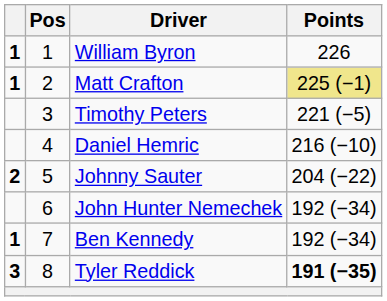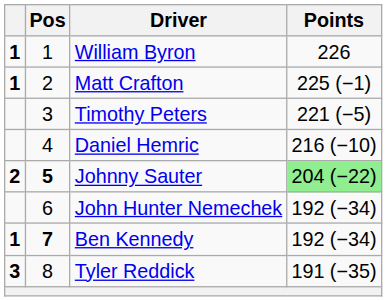 <table class="wikitable" style="font-size: 95%;">
 <tr>
 <th></th>
 <th>Pos</th>
 <th>Driver</th>
 <th>Points</th>
 </tr>
 <tr>
 <td align="left"> <strong>1</strong></td>
 <td style="text-align:center;">1</td>
 <td><a href='#'>William Byron</a></td>
 <td style="text-align:center;">226</td>
 </tr>
 <tr>
 <td align="left"> <strong>1</strong></td>
 <td style="text-align:center;">2</td>
 <td><a href='#'>Matt Crafton</a></td>
-<td style="background: khaki; text-align:center;">225 (−1)</td>
+<td style="text-align:center;">225 (−1)</td>
 </tr>
 <tr>
 <td align="left"></td>
 <td style="text-align:center;">3</td>
 <td><a href='#'>Timothy Peters</a></td>
 <td style="text-align:center;">221 (−5)</td>
 </tr>
 <tr>
 <td align="left"></td>
 <td style="text-align:center;">4</td>
 <td><a href='#'>Daniel Hemric</a></td>
 <td style="text-align:center;">216 (−10)</td>
 </tr>
 <tr>
 <td align="left"> <strong>2</strong></td>
-<td style="text-align:center;">5</td>
+<td style="text-align:center;"><strong>5</strong></td>
 <td><a href='#'>Johnny Sauter</a></td>
-<td style="text-align:center;">204 (−22)</td>
+<td style="background: lightgreen; text-align:center;">204 (−22)</td>
 </tr>
 <tr>
 <td align="left"></td>
 <td style="text-align:center;">6</td>
 <td><a href='#'>John Hunter Nemechek</a></td>
 <td style="text-align:center;">192 (−34)</td>
 </tr>
 <tr>
 <td align="left"> <strong>1</strong></td>
-<td style="text-align:center;">7</td>
+<td style="text-align:center;"><strong>7</strong></td>
 <td><a href='#'>Ben Kennedy</a></td>
 <td style="text-align:center;">192 (−34)</td>
 </tr>
 <tr>
 <td align="left"> <strong>3</strong></td>
 <td style="text-align:center;">8</td>
 <td><a href='#'>Tyler Reddick</a></td>
-<td style="text-align:center;"><strong>191 (−35)</strong></td>
+<td style="text-align:center;">191 (−35)</td>
 </tr>
 <tr class="sortbottom">
 <th colspan="9"></th>
 </tr>
 </table>
